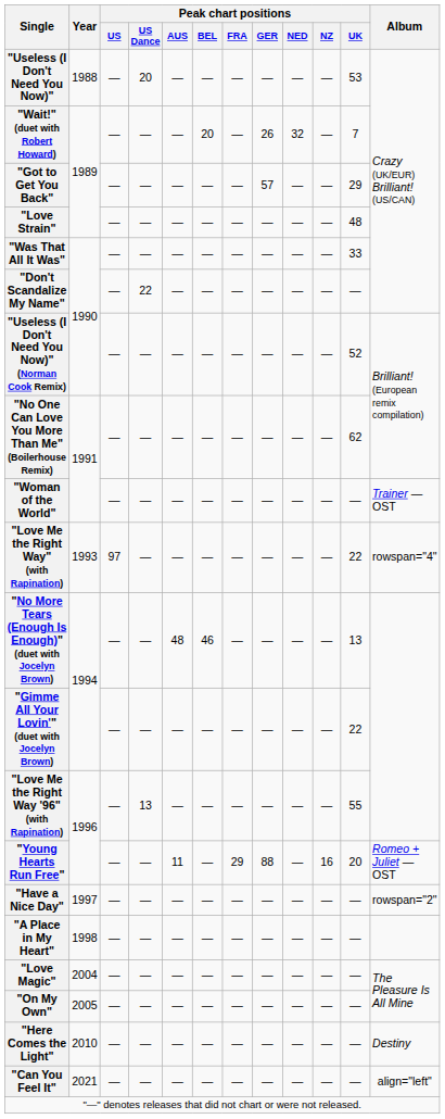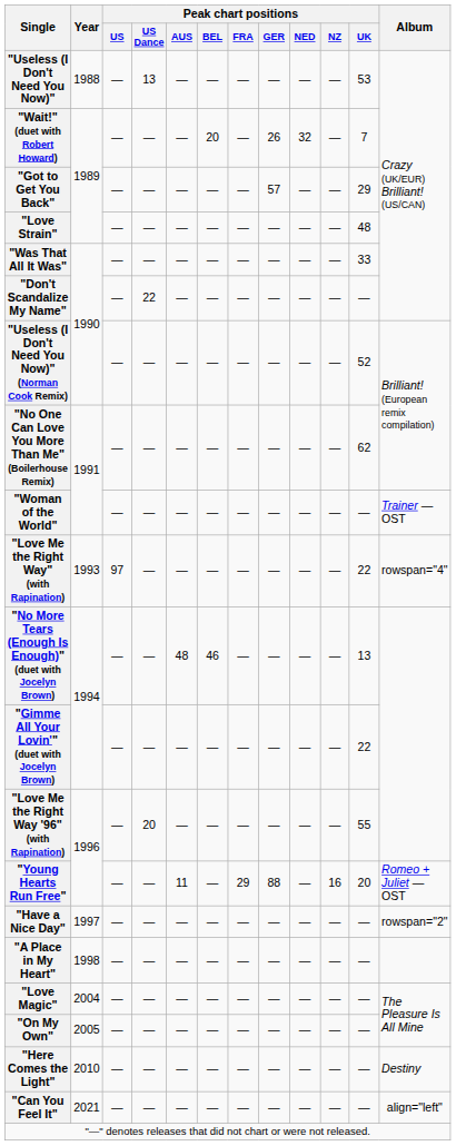 <table class="wikitable plainrowheaders" style="text-align:center;" border="1">
 <tr>
 <th rowspan="2">Single</th>
 <th rowspan="2">Year</th>
 <th colspan="9">Peak chart positions</th>
 <th rowspan="2">Album</th>
 </tr>
 <tr>
 <th scope="col" style="width:2.75em;font-size:85%;"><a href='#'>US</a><br></th>
 <th scope="col" style="width:2.75em;font-size:85%;"><a href='#'>US Dance</a><br></th>
 <th scope="col" style="width:2.75em;font-size:85%;"><a href='#'>AUS</a><br></th>
 <th scope="col" style="width:2.75em;font-size:85%;"><a href='#'>BEL</a><br></th>
 <th scope="col" style="width:2.75em;font-size:85%;"><a href='#'>FRA</a><br></th>
 <th scope="col" style="width:2.75em;font-size:85%;"><a href='#'>GER</a><br></th>
 <th scope="col" style="width:2.75em;font-size:85%;"><a href='#'>NED</a><br></th>
 <th scope="col" style="width:2.75em;font-size:85%;"><a href='#'>NZ</a><br></th>
 <th scope="col" style="width:2.75em;font-size:85%;"><a href='#'>UK</a><br></th>
 </tr>
 <tr>
 <th scope="row">"Useless (I Don't Need You Now)"</th>
 <td>1988</td>
 <td>—</td>
-<td>20</td>
+<td>13</td>
 <td>—</td>
 <td>—</td>
 <td>—</td>
 <td>—</td>
 <td>—</td>
 <td>—</td>
 <td>53</td>
 <td align="left" rowspan="6"><em>Crazy</em> <small>(UK/EUR)</small><br><em>Brilliant!</em> <small>(US/CAN)</small></td>
 </tr>
 <tr>
 <th scope="row">"Wait!" <br><small>(duet with <a href='#'>Robert Howard</a>)</small></th>
 <td rowspan="3">1989</td>
 <td>—</td>
 <td>—</td>
 <td>—</td>
 <td>20</td>
 <td>—</td>
 <td>26</td>
 <td>32</td>
 <td>—</td>
 <td>7</td>
 </tr>
 <tr>
 <th scope="row">"Got to Get You Back"</th>
 <td>—</td>
 <td>—</td>
 <td>—</td>
 <td>—</td>
 <td>—</td>
 <td>57</td>
 <td>—</td>
 <td>—</td>
 <td>29</td>
 </tr>
 <tr>
 <th scope="row">"Love Strain"</th>
 <td>—</td>
 <td>—</td>
 <td>—</td>
 <td>—</td>
 <td>—</td>
 <td>—</td>
 <td>—</td>
 <td>—</td>
 <td>48</td>
 </tr>
 <tr>
 <th scope="row">"Was That All It Was"</th>
 <td rowspan="3">1990</td>
 <td>—</td>
 <td>—</td>
 <td>—</td>
 <td>—</td>
 <td>—</td>
 <td>—</td>
 <td>—</td>
 <td>—</td>
 <td>33</td>
 </tr>
 <tr>
 <th scope="row">"Don't Scandalize My Name"</th>
 <td>—</td>
 <td>22</td>
 <td>—</td>
 <td>—</td>
 <td>—</td>
 <td>—</td>
 <td>—</td>
 <td>—</td>
 <td>—</td>
 </tr>
 <tr>
 <th scope="row">"Useless (I Don't Need You Now)" <small>(<a href='#'>Norman Cook</a> Remix)</small></th>
 <td>—</td>
 <td>—</td>
 <td>—</td>
 <td>—</td>
 <td>—</td>
 <td>—</td>
 <td>—</td>
 <td>—</td>
 <td>52</td>
 <td align="left" rowspan="2"><em>Brilliant!</em><br><small>(European remix compilation)</small></td>
 </tr>
 <tr>
 <th scope="row">"No One Can Love You More Than Me" <small>(Boilerhouse Remix)</small></th>
 <td rowspan="2">1991</td>
 <td>—</td>
 <td>—</td>
 <td>—</td>
 <td>—</td>
 <td>—</td>
 <td>—</td>
 <td>—</td>
 <td>—</td>
 <td>62</td>
 </tr>
 <tr>
 <th scope="row">"Woman of the World"</th>
 <td>—</td>
 <td>—</td>
 <td>—</td>
 <td>—</td>
 <td>—</td>
 <td>—</td>
 <td>—</td>
 <td>—</td>
 <td>—</td>
 <td align="left"><em><a href='#'>Trainer</a></em> — OST</td>
 </tr>
 <tr>
 <th scope="row">"Love Me the Right Way" <br><small>(with <a href='#'>Rapination</a>)</small></th>
 <td>1993</td>
 <td>97</td>
 <td>—</td>
 <td>—</td>
 <td>—</td>
 <td>—</td>
 <td>—</td>
 <td>—</td>
 <td>—</td>
 <td>22</td>
 <td>rowspan="4" </td>
 </tr>
 <tr>
 <th scope="row">"<a href='#'>No More Tears (Enough Is Enough)</a>" <br><small>(duet with <a href='#'>Jocelyn Brown</a>)</small></th>
 <td rowspan="2">1994</td>
 <td>—</td>
 <td>—</td>
 <td>48</td>
 <td>46</td>
 <td>—</td>
 <td>—</td>
 <td>—</td>
 <td>—</td>
 <td>13</td>
 </tr>
 <tr>
 <th scope="row">"<a href='#'>Gimme All Your Lovin'</a>" <br><small>(duet with <a href='#'>Jocelyn Brown</a>)</small></th>
 <td>—</td>
 <td>—</td>
 <td>—</td>
 <td>—</td>
 <td>—</td>
 <td>—</td>
 <td>—</td>
 <td>—</td>
 <td>22</td>
 </tr>
 <tr>
 <th scope="row">"Love Me the Right Way '96" <br><small>(with <a href='#'>Rapination</a>)</small></th>
 <td rowspan="2">1996</td>
 <td>—</td>
-<td>13</td>
+<td>20</td>
 <td>—</td>
 <td>—</td>
 <td>—</td>
 <td>—</td>
 <td>—</td>
 <td>—</td>
 <td>55</td>
 </tr>
 <tr>
 <th scope="row">"<a href='#'>Young Hearts Run Free</a>"</th>
 <td>—</td>
 <td>—</td>
 <td>11</td>
 <td>—</td>
 <td>29</td>
 <td>88</td>
 <td>—</td>
 <td>16</td>
 <td>20</td>
 <td align="left"><em><a href='#'>Romeo + Juliet</a></em> — OST</td>
 </tr>
 <tr>
 <th scope="row">"Have a Nice Day"</th>
 <td>1997</td>
 <td>—</td>
 <td>—</td>
 <td>—</td>
 <td>—</td>
 <td>—</td>
 <td>—</td>
 <td>—</td>
 <td>—</td>
 <td>—</td>
 <td>rowspan="2" </td>
 </tr>
 <tr>
 <th scope="row">"A Place in My Heart"</th>
 <td>1998</td>
 <td>—</td>
 <td>—</td>
 <td>—</td>
 <td>—</td>
 <td>—</td>
 <td>—</td>
 <td>—</td>
 <td>—</td>
 <td>—</td>
 </tr>
 <tr>
 <th scope="row">"Love Magic"</th>
 <td>2004</td>
 <td>—</td>
 <td>—</td>
 <td>—</td>
 <td>—</td>
 <td>—</td>
 <td>—</td>
 <td>—</td>
 <td>—</td>
 <td>—</td>
 <td align="left" rowspan="2"><em>The Pleasure Is All Mine</em></td>
 </tr>
 <tr>
 <th scope="row">"On My Own"</th>
 <td>2005</td>
 <td>—</td>
 <td>—</td>
 <td>—</td>
 <td>—</td>
 <td>—</td>
 <td>—</td>
 <td>—</td>
 <td>—</td>
 <td>—</td>
 </tr>
 <tr>
 <th scope="row">"Here Comes the Light"</th>
 <td>2010</td>
 <td>—</td>
 <td>—</td>
 <td>—</td>
 <td>—</td>
 <td>—</td>
 <td>—</td>
 <td>—</td>
 <td>—</td>
 <td>—</td>
 <td align="left"><em>Destiny</em></td>
 </tr>
 <tr>
 <th scope="row">"Can You Feel It"<br></th>
 <td>2021</td>
 <td>—</td>
 <td>—</td>
 <td>—</td>
 <td>—</td>
 <td>—</td>
 <td>—</td>
 <td>—</td>
 <td>—</td>
 <td>—</td>
 <td>align="left" </td>
 </tr>
 <tr>
 <td colspan="12" style="font-size:90%">"—" denotes releases that did not chart or were not released.</td>
 </tr>
 </table>
